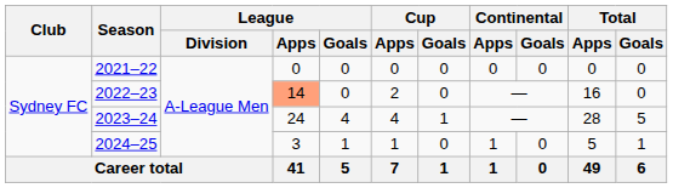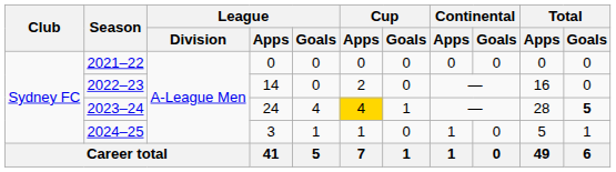 <table class="wikitable" style="text-align: center;">
 <tr>
 <th rowspan=2>Club</th>
 <th rowspan=2>Season</th>
 <th colspan=3>League</th>
 <th colspan=2>Cup</th>
 <th colspan="2">Continental</th>
 <th colspan="2">Total</th>
 </tr>
 <tr>
 <th>Division</th>
 <th>Apps</th>
 <th>Goals</th>
 <th>Apps</th>
 <th>Goals</th>
 <th>Apps</th>
 <th>Goals</th>
 <th>Apps</th>
 <th>Goals</th>
 </tr>
 <tr>
 <td rowspan="4"><a href='#'>Sydney FC</a></td>
 <td><a href='#'>2021–22</a></td>
 <td rowspan="4"><a href='#'>A-League Men</a></td>
 <td>0</td>
 <td>0</td>
 <td>0</td>
 <td>0</td>
 <td>0</td>
 <td>0</td>
 <td>0</td>
 <td>0</td>
 </tr>
 <tr>
 <td><a href='#'>2022–23</a></td>
-<td style="background: lightsalmon;">14</td>
+<td>14</td>
 <td>0</td>
 <td>2</td>
 <td>0</td>
 <td colspan="2">—</td>
 <td>16</td>
 <td>0</td>
 </tr>
 <tr>
 <td><a href='#'>2023–24</a></td>
 <td>24</td>
 <td>4</td>
-<td>4</td>
+<td style="background: gold;">4</td>
 <td>1</td>
 <td colspan="2">—</td>
 <td>28</td>
-<td>5</td>
+<td><strong>5</strong></td>
 </tr>
 <tr>
 <td><a href='#'>2024–25</a></td>
 <td>3</td>
 <td>1</td>
 <td>1</td>
 <td>0</td>
 <td>1</td>
 <td>0</td>
 <td>5</td>
 <td>1</td>
 </tr>
 <tr>
 <th colspan="3">Career total</th>
 <th>41</th>
 <th>5</th>
 <th>7</th>
 <th>1</th>
 <th>1</th>
 <th>0</th>
 <th>49</th>
 <th>6</th>
 </tr>
 </table>
